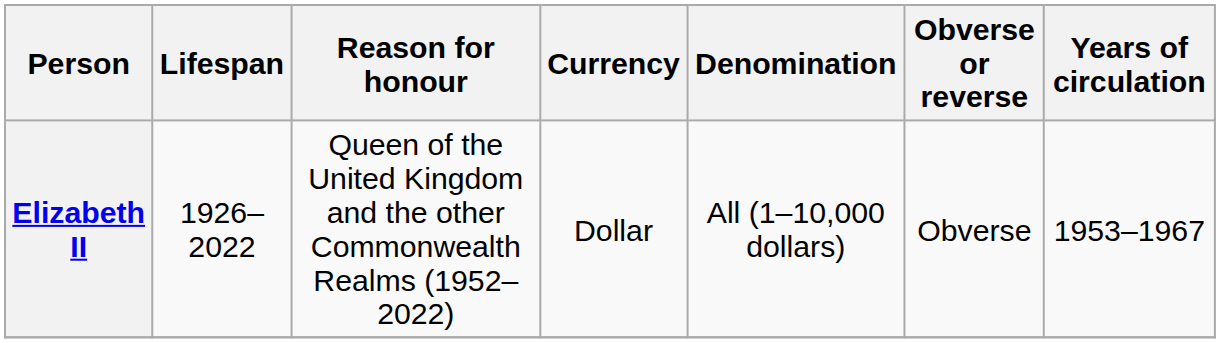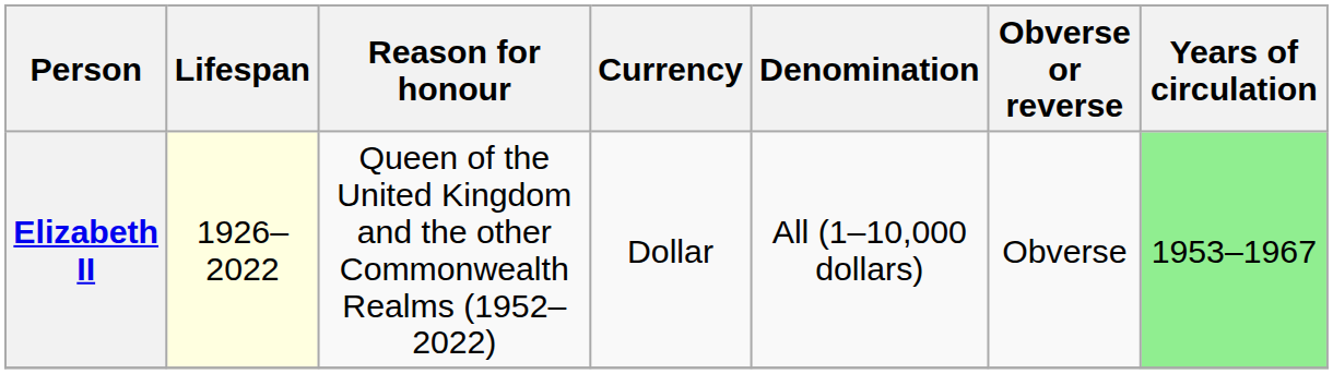 <table class="wikitable" style="font-size:95%; text-align:center;">
 <tr>
 <th>Person</th>
 <th>Lifespan</th>
 <th>Reason for honour</th>
 <th>Currency</th>
 <th>Denomination</th>
 <th>Obverse or reverse</th>
 <th>Years of circulation</th>
 </tr>
 <tr>
 <th><a href='#'>Elizabeth II</a></th>
-<td>1926–2022</td>
+<td style="background: lightyellow;">1926–2022</td>
 <td>Queen of the United Kingdom and the other Commonwealth Realms (1952–2022)</td>
 <td>Dollar</td>
 <td>All (1–10,000 dollars)</td>
 <td>Obverse</td>
-<td>1953–1967</td>
+<td style="background: lightgreen;">1953–1967</td>
 </tr>
 <tr>
 </tr>
 </table>
